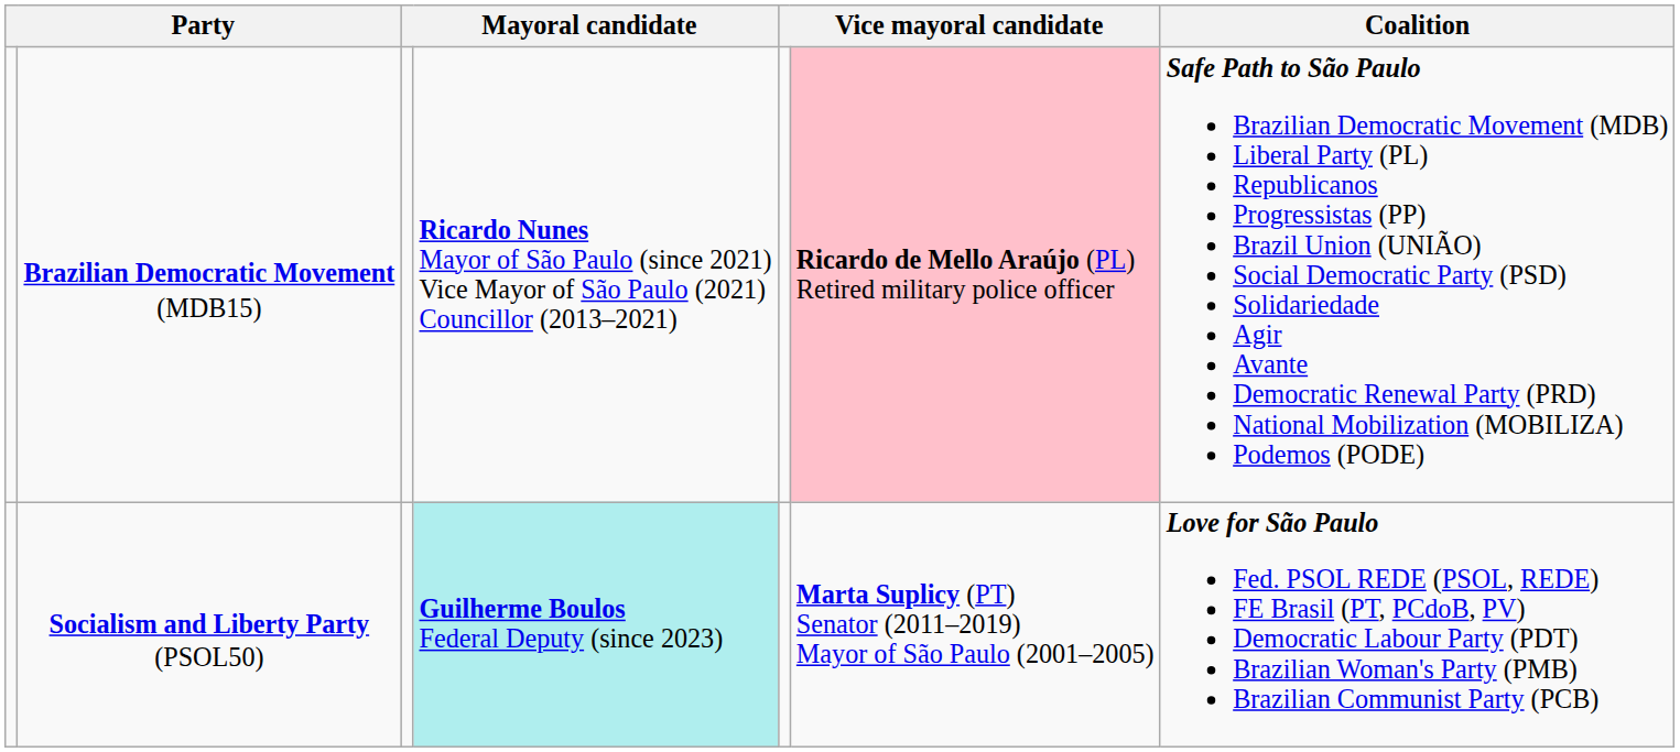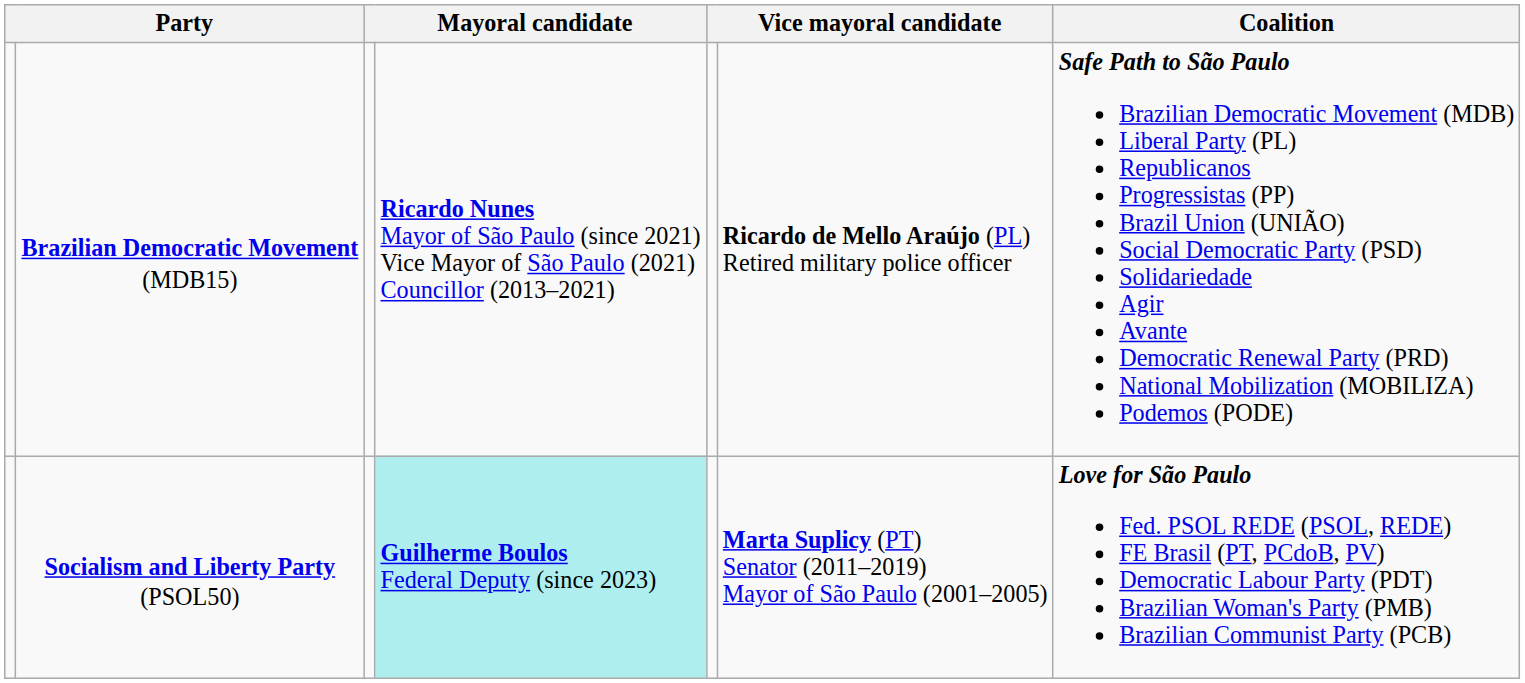 <table class="vertical-align-top wikitable">
 <tr>
 <th scope=colgroup colspan=2>Party</th>
 <th scope=colgroup colspan=2>Mayoral candidate</th>
 <th scope=colgroup colspan=2>Vice mayoral candidate</th>
 <th scope=col>Coalition</th>
 </tr>
 <tr>
 <td style="background:"></td>
 <td style="text-align:center; line-height:1.3"><br><strong><a href='#'>Brazilian Democratic Movement</a></strong><br>(MDB15)</td>
 <td></td>
 <td><strong><a href='#'>Ricardo Nunes</a></strong><br><a href='#'>Mayor of São Paulo</a> (since 2021)<br>Vice Mayor of <a href='#'>São Paulo</a> (2021)<br><a href='#'>Councillor</a> (2013–2021)</td>
 <td></td>
-<td style="background: pink;"><strong>Ricardo de Mello Araújo</strong> (<a href='#'>PL</a>)<br>Retired military police officer</td>
+<td><strong>Ricardo de Mello Araújo</strong> (<a href='#'>PL</a>)<br>Retired military police officer</td>
 <td><strong><em>Safe Path to São Paulo</em></strong><br><ul><li><a href='#'>Brazilian Democratic Movement</a> (MDB)</li><li><a href='#'>Liberal Party</a> (PL)</li><li><a href='#'>Republicanos</a></li><li><a href='#'>Progressistas</a> (PP)</li><li><a href='#'>Brazil Union</a> (UNIÃO)</li><li><a href='#'>Social Democratic Party</a> (PSD)</li><li><a href='#'>Solidariedade</a></li><li><a href='#'>Agir</a></li><li><a href='#'>Avante</a></li><li><a href='#'>Democratic Renewal Party</a> (PRD)</li><li><a href='#'>National Mobilization</a> (MOBILIZA)</li><li><a href='#'>Podemos</a> (PODE)</li></ul></td>
 </tr>
 <tr>
 <td style=background:></td>
 <td style="text-align:center; line-height:1.3"><br><strong><a href='#'>Socialism and Liberty Party</a></strong><br>(PSOL50)</td>
 <td></td>
 <td style="background: paleturquoise;"><strong><a href='#'>Guilherme Boulos</a></strong><br><a href='#'>Federal Deputy</a> (since 2023)</td>
 <td></td>
 <td><strong><a href='#'>Marta Suplicy</a></strong> (<a href='#'>PT</a>)<br><a href='#'>Senator</a> (2011–2019)<br><a href='#'>Mayor of São Paulo</a> (2001–2005)</td>
 <td><strong><em>Love for São Paulo</em></strong><br><ul><li><a href='#'>Fed. PSOL REDE</a> (<a href='#'>PSOL</a>, <a href='#'>REDE</a>)</li><li><a href='#'>FE Brasil</a> (<a href='#'>PT</a>, <a href='#'>PCdoB</a>, <a href='#'>PV</a>)</li><li><a href='#'>Democratic Labour Party</a> (PDT)</li><li><a href='#'>Brazilian Woman's Party</a> (PMB)</li><li><a href='#'>Brazilian Communist Party</a> (PCB)</li></ul></td>
 </tr>
 </table>
